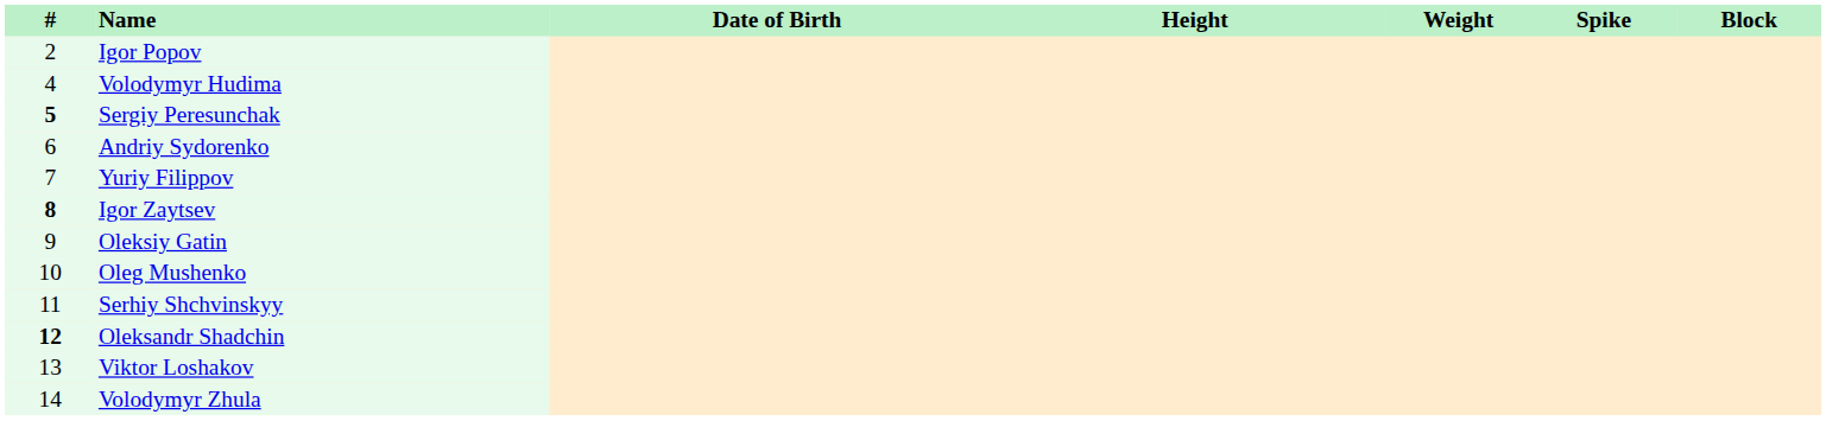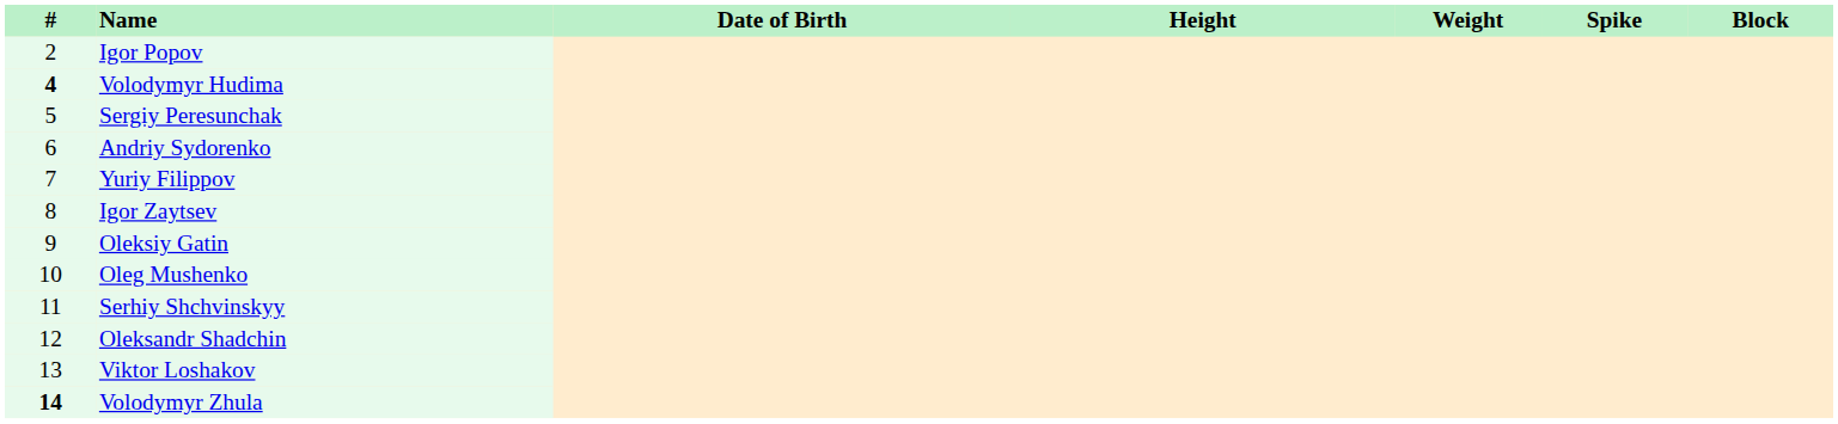 <table border=0 cellpadding=2 cellspacing=0  |- bgcolor=#FFECCE style=text-align:center; font-size:90%; width=100%>
 <tr bgcolor=#BBF0C9>
 <th width=5%>#</th>
 <th width=25% align=left>Name</th>
 <th width=25%>Date of Birth</th>
 <th width=21%>Height</th>
 <th width=8%>Weight</th>
 <th width=8%>Spike</th>
 <th width=8%>Block</th>
 </tr>
 <tr bgcolor=#E7FAEC>
 <td>2</td>
 <td align="left"><a href='#'>Igor Popov</a></td>
 </tr>
 <tr bgcolor=#E7FAEC>
-<td>4</td>
+<td><strong>4</strong></td>
 <td align="left"><a href='#'>Volodymyr Hudima</a></td>
 </tr>
 <tr bgcolor=#E7FAEC>
-<td><strong>5</strong></td>
+<td>5</td>
 <td align="left"><a href='#'>Sergiy Peresunchak</a></td>
 </tr>
 <tr bgcolor=#E7FAEC>
 <td>6</td>
 <td align="left"><a href='#'>Andriy Sydorenko</a></td>
 </tr>
 <tr bgcolor=#E7FAEC>
 <td>7</td>
 <td align="left"><a href='#'>Yuriy Filippov</a></td>
 </tr>
 <tr bgcolor=#E7FAEC>
-<td><strong>8</strong></td>
+<td>8</td>
 <td align="left"><a href='#'>Igor Zaytsev</a></td>
 </tr>
 <tr bgcolor=#E7FAEC>
 <td>9</td>
 <td align="left"><a href='#'>Oleksiy Gatin</a></td>
 </tr>
 <tr bgcolor=#E7FAEC>
 <td>10</td>
 <td align="left"><a href='#'>Oleg Mushenko</a></td>
 </tr>
 <tr bgcolor=#E7FAEC>
 <td>11</td>
 <td align="left"><a href='#'>Serhiy Shchvinskyy</a></td>
 </tr>
 <tr bgcolor=#E7FAEC>
-<td><strong>12</strong></td>
+<td>12</td>
 <td align="left"><a href='#'>Oleksandr Shadchin</a></td>
 </tr>
 <tr bgcolor=#E7FAEC>
 <td>13</td>
 <td align="left"><a href='#'>Viktor Loshakov</a></td>
 </tr>
 <tr bgcolor=#E7FAEC>
-<td>14</td>
+<td><strong>14</strong></td>
 <td align="left"><a href='#'>Volodymyr Zhula</a></td>
 </tr>
 </table>
